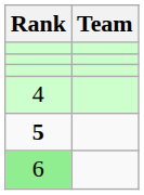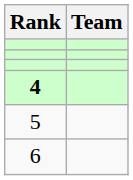 <table class="wikitable">
 <tr>
 <th>Rank</th>
 <th>Team</th>
 </tr>
 <tr bgcolor=#ccffcc>
 <td align=center></td>
 <td></td>
 </tr>
 <tr bgcolor=#ccffcc>
 <td align=center></td>
 <td></td>
 </tr>
 <tr bgcolor=#ccffcc>
 <td align=center></td>
 <td></td>
 </tr>
 <tr bgcolor=#ccffcc>
-<td align=center>4</td>
+<td align=center><strong>4</strong></td>
 <td></td>
 </tr>
 <tr>
-<td align=center><strong>5</strong></td>
+<td align=center>5</td>
 <td></td>
 </tr>
 <tr>
-<td align=center style="background: lightgreen;">6</td>
+<td align=center>6</td>
 <td></td>
 </tr>
 </table>
